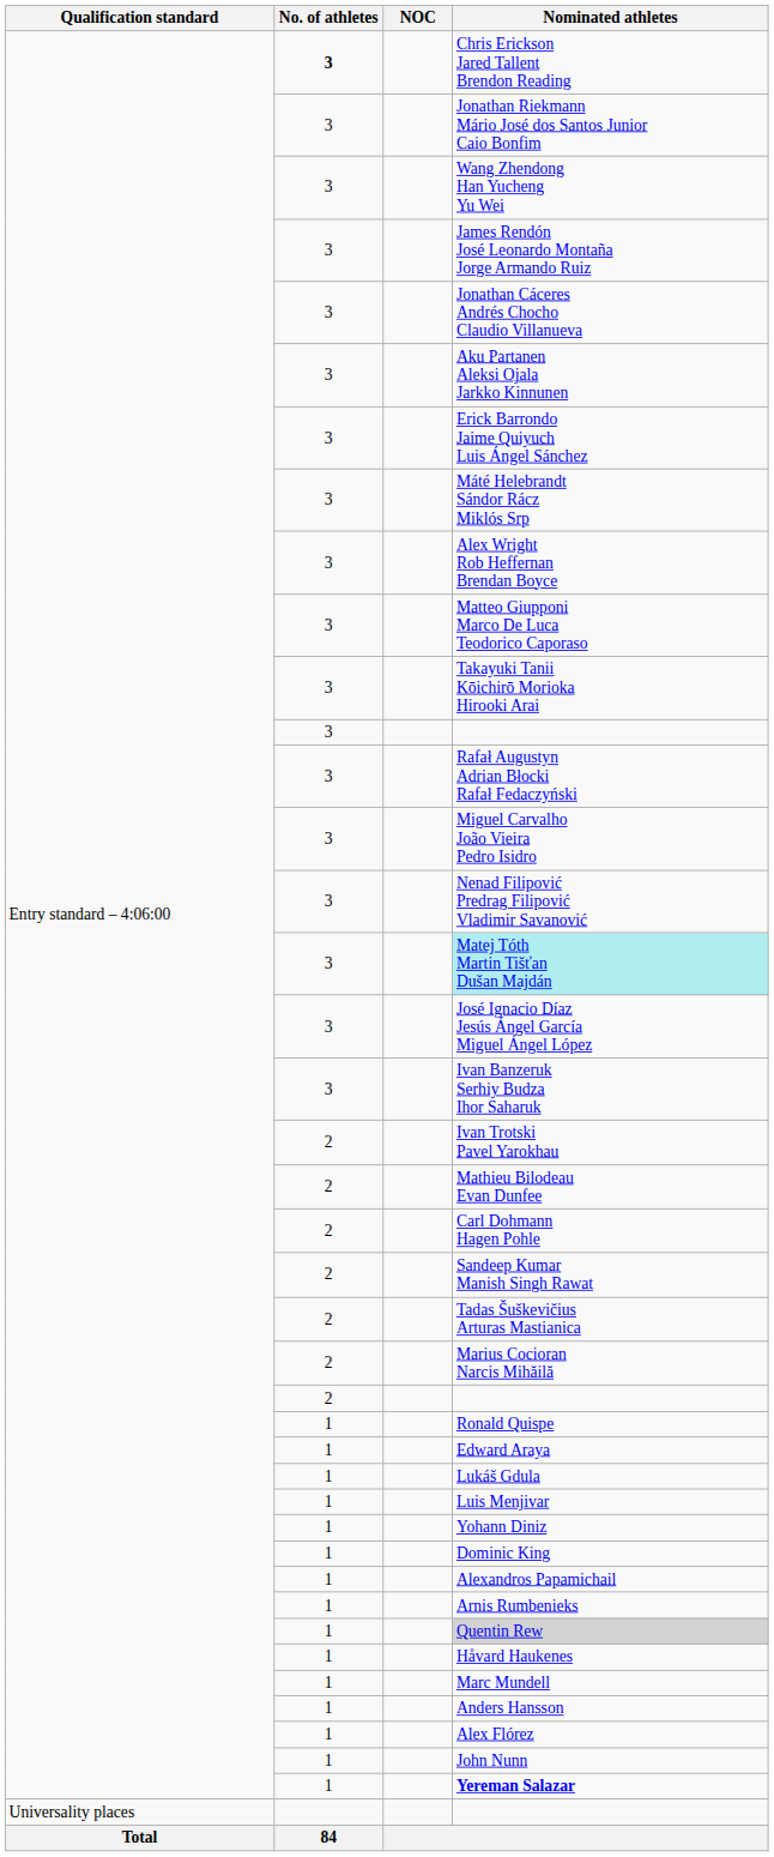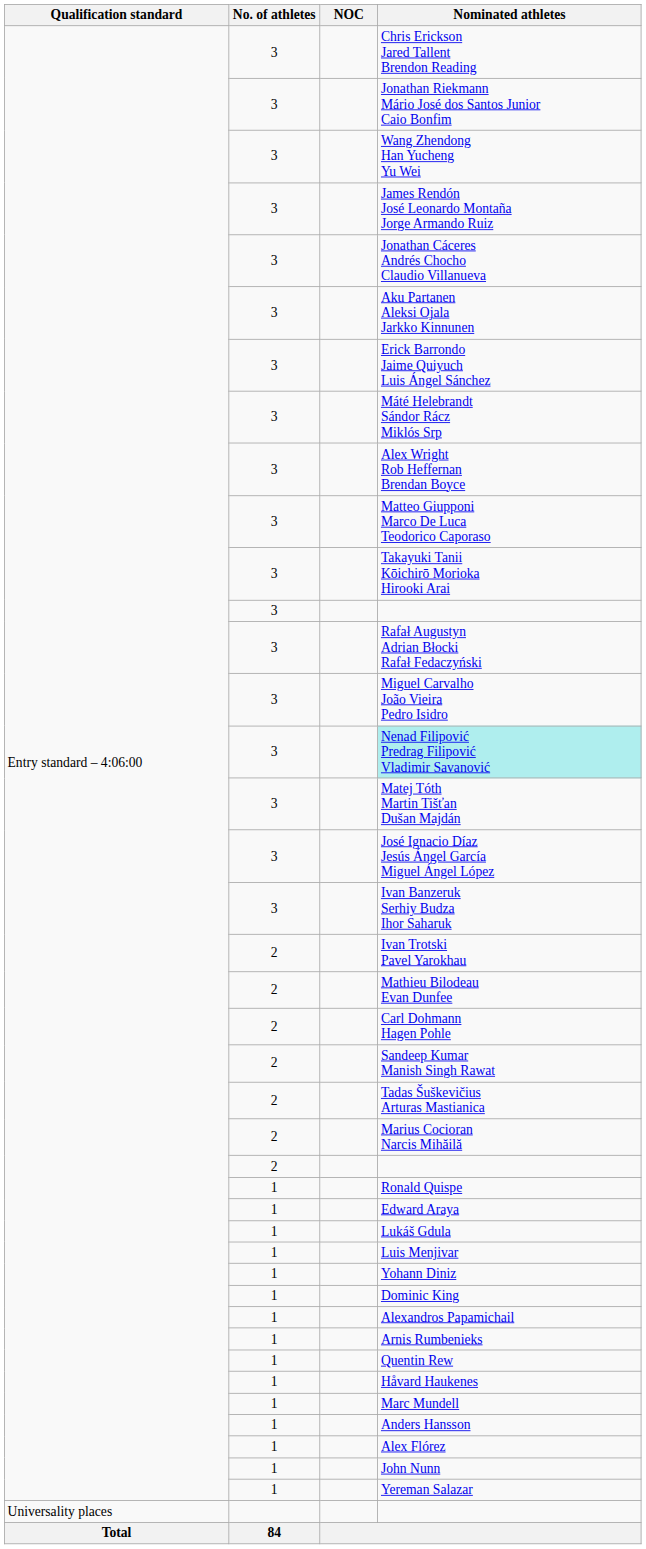 <table class="wikitable"  style="text-align:left; width:750px;">
 <tr>
 <th>Qualification standard</th>
 <th width=100>No. of athletes</th>
 <th>NOC</th>
 <th>Nominated athletes</th>
 </tr>
 <tr>
 <td rowspan=40>Entry standard – 4:06:00</td>
-<td style="text-align:center;"><strong>3</strong></td>
+<td style="text-align:center;">3</td>
 <td></td>
 <td><a href='#'>Chris Erickson</a><br><a href='#'>Jared Tallent</a><br><a href='#'>Brendon Reading</a></td>
 </tr>
 <tr>
 <td style="text-align:center;">3</td>
 <td></td>
 <td><a href='#'>Jonathan Riekmann</a><br><a href='#'>Mário José dos Santos Junior</a><br><a href='#'>Caio Bonfim</a></td>
 </tr>
 <tr>
 <td style="text-align:center;">3</td>
 <td></td>
 <td><a href='#'>Wang Zhendong</a><br><a href='#'>Han Yucheng</a><br><a href='#'>Yu Wei</a></td>
 </tr>
 <tr>
 <td style="text-align:center;">3</td>
 <td></td>
 <td><a href='#'>James Rendón</a><br><a href='#'>José Leonardo Montaña</a><br><a href='#'>Jorge Armando Ruiz</a></td>
 </tr>
 <tr>
 <td style="text-align:center;">3</td>
 <td></td>
 <td><a href='#'>Jonathan Cáceres</a><br><a href='#'>Andrés Chocho</a><br><a href='#'>Claudio Villanueva</a></td>
 </tr>
 <tr>
 <td style="text-align:center;">3</td>
 <td></td>
 <td><a href='#'>Aku Partanen</a><br><a href='#'>Aleksi Ojala</a><br><a href='#'>Jarkko Kinnunen</a></td>
 </tr>
 <tr>
 <td style="text-align:center;">3</td>
 <td></td>
 <td><a href='#'>Erick Barrondo</a><br><a href='#'>Jaime Quiyuch</a><br><a href='#'>Luis Ángel Sánchez</a></td>
 </tr>
 <tr>
 <td style="text-align:center;">3</td>
 <td></td>
 <td><a href='#'>Máté Helebrandt</a><br><a href='#'>Sándor Rácz</a><br><a href='#'>Miklós Srp</a></td>
 </tr>
 <tr>
 <td style="text-align:center;">3</td>
 <td></td>
 <td><a href='#'>Alex Wright</a><br><a href='#'>Rob Heffernan</a><br><a href='#'>Brendan Boyce</a></td>
 </tr>
 <tr>
 <td style="text-align:center;">3</td>
 <td></td>
 <td><a href='#'>Matteo Giupponi</a><br><a href='#'>Marco De Luca</a><br><a href='#'>Teodorico Caporaso</a></td>
 </tr>
 <tr>
 <td style="text-align:center;">3</td>
 <td></td>
 <td><a href='#'>Takayuki Tanii</a><br><a href='#'>Kōichirō Morioka</a><br><a href='#'>Hirooki Arai</a></td>
 </tr>
 <tr>
 <td style="text-align:center;">3</td>
 <td></td>
 <td></td>
 </tr>
 <tr>
 <td style="text-align:center;">3</td>
 <td></td>
 <td><a href='#'>Rafał Augustyn</a><br><a href='#'>Adrian Błocki</a><br><a href='#'>Rafał Fedaczyński</a></td>
 </tr>
 <tr>
 <td style="text-align:center;">3</td>
 <td></td>
 <td><a href='#'>Miguel Carvalho</a><br><a href='#'>João Vieira</a><br> <a href='#'>Pedro Isidro</a></td>
 </tr>
 <tr>
 <td style="text-align:center;">3</td>
 <td></td>
-<td><a href='#'>Nenad Filipović</a><br><a href='#'>Predrag Filipović</a><br><a href='#'>Vladimir Savanović</a></td>
+<td style="background: paleturquoise;"><a href='#'>Nenad Filipović</a><br><a href='#'>Predrag Filipović</a><br><a href='#'>Vladimir Savanović</a></td>
 </tr>
 <tr>
 <td style="text-align:center;">3</td>
 <td></td>
-<td style="background: paleturquoise;"><a href='#'>Matej Tóth</a><br><a href='#'>Martin Tišťan</a><br><a href='#'>Dušan Majdán</a></td>
+<td><a href='#'>Matej Tóth</a><br><a href='#'>Martin Tišťan</a><br><a href='#'>Dušan Majdán</a></td>
 </tr>
 <tr>
 <td style="text-align:center;">3</td>
 <td></td>
 <td><a href='#'>José Ignacio Díaz</a><br><a href='#'>Jesús Ángel García</a><br><a href='#'>Miguel Ángel López</a></td>
 </tr>
 <tr>
 <td style="text-align:center;">3</td>
 <td></td>
 <td><a href='#'>Ivan Banzeruk</a><br><a href='#'>Serhiy Budza</a><br><a href='#'>Ihor Saharuk</a></td>
 </tr>
 <tr>
 <td style="text-align:center;">2</td>
 <td></td>
 <td><a href='#'>Ivan Trotski</a><br><a href='#'>Pavel Yarokhau</a></td>
 </tr>
 <tr>
 <td style="text-align:center;">2</td>
 <td></td>
 <td><a href='#'>Mathieu Bilodeau</a><br><a href='#'>Evan Dunfee</a></td>
 </tr>
 <tr>
 <td style="text-align:center;">2</td>
 <td></td>
 <td><a href='#'>Carl Dohmann</a><br><a href='#'>Hagen Pohle</a></td>
 </tr>
 <tr>
 <td style="text-align:center;">2</td>
 <td></td>
 <td><a href='#'>Sandeep Kumar</a><br><a href='#'>Manish Singh Rawat</a></td>
 </tr>
 <tr>
 <td style="text-align:center;">2</td>
 <td></td>
 <td><a href='#'>Tadas Šuškevičius</a><br><a href='#'>Arturas Mastianica</a></td>
 </tr>
 <tr>
 <td style="text-align:center;">2</td>
 <td></td>
 <td><a href='#'>Marius Cocioran</a><br><a href='#'>Narcis Mihăilă</a></td>
 </tr>
 <tr>
 <td style="text-align:center;">2</td>
 <td></td>
 <td></td>
 </tr>
 <tr>
 <td style="text-align:center;">1</td>
 <td></td>
 <td><a href='#'>Ronald Quispe</a></td>
 </tr>
 <tr>
 <td style="text-align:center;">1</td>
 <td></td>
 <td><a href='#'>Edward Araya</a></td>
 </tr>
 <tr>
 <td style="text-align:center;">1</td>
 <td></td>
 <td><a href='#'>Lukáš Gdula</a></td>
 </tr>
 <tr>
 <td style="text-align:center;">1</td>
 <td></td>
 <td><a href='#'>Luis Menjivar</a></td>
 </tr>
 <tr>
 <td style="text-align:center;">1</td>
 <td></td>
 <td><a href='#'>Yohann Diniz</a></td>
 </tr>
 <tr>
 <td style="text-align:center;">1</td>
 <td></td>
 <td><a href='#'>Dominic King</a></td>
 </tr>
 <tr>
 <td style="text-align:center;">1</td>
 <td></td>
 <td><a href='#'>Alexandros Papamichail</a></td>
 </tr>
 <tr>
 <td style="text-align:center;">1</td>
 <td></td>
 <td><a href='#'>Arnis Rumbenieks</a></td>
 </tr>
 <tr>
 <td style="text-align:center;">1</td>
 <td></td>
-<td style="background: lightgrey;"><a href='#'>Quentin Rew</a></td>
+<td><a href='#'>Quentin Rew</a></td>
 </tr>
 <tr>
 <td style="text-align:center;">1</td>
 <td></td>
 <td><a href='#'>Håvard Haukenes</a></td>
 </tr>
 <tr>
 <td style="text-align:center;">1</td>
 <td></td>
 <td><a href='#'>Marc Mundell</a></td>
 </tr>
 <tr>
 <td style="text-align:center;">1</td>
 <td></td>
 <td><a href='#'>Anders Hansson</a></td>
 </tr>
 <tr>
 <td style="text-align:center;">1</td>
 <td></td>
 <td><a href='#'>Alex Flórez</a></td>
 </tr>
 <tr>
 <td style="text-align:center;">1</td>
 <td></td>
 <td><a href='#'>John Nunn</a></td>
 </tr>
 <tr>
 <td style="text-align:center;">1</td>
 <td></td>
-<td><strong><a href='#'>Yereman Salazar</a></strong></td>
+<td><a href='#'>Yereman Salazar</a></td>
 </tr>
 <tr>
 <td>Universality places</td>
 <td></td>
 <td></td>
 <td></td>
 </tr>
 <tr>
 <th>Total</th>
 <th>84</th>
 <th colspan=2></th>
 </tr>
 </table>
